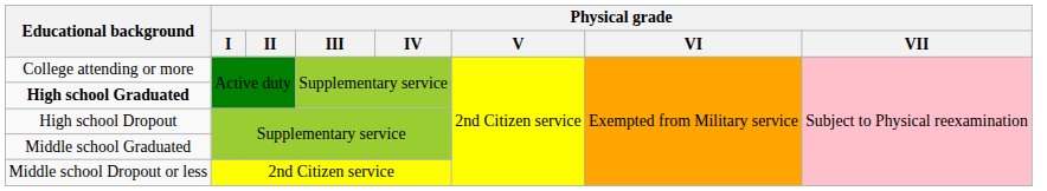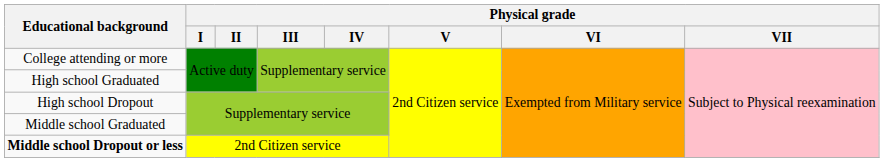 <table class="wikitable">
 <tr>
 <th rowspan="2">Educational background</th>
 <th colspan="7">Physical grade</th>
 </tr>
 <tr>
 <th>I</th>
 <th>II</th>
 <th>III</th>
 <th>IV</th>
 <th>V</th>
 <th>VI</th>
 <th>VII</th>
 </tr>
 <tr>
 <td div style="text-align:center">College attending or more</td>
 <td colspan="2" rowspan="2" div style="background:green; text-align:center;">Active duty</td>
 <td colspan="2" rowspan="2" div style="background:yellowgreen; text-align:center;">Supplementary service</td>
 <td style="text-align:center; background:yellow;" rowspan="5" div>2nd Citizen service</td>
 <td rowspan="5" div style="background:orange; text-align:center;">Exempted from Military service</td>
 <td rowspan="5" div style="background:pink; text-align:center;">Subject to Physical reexamination</td>
 </tr>
 <tr>
-<td div style="text-align:center"><strong>High school Graduated</strong></td>
+<td div style="text-align:center">High school Graduated</td>
 </tr>
 <tr>
 <td div style="text-align:center">High school Dropout</td>
 <td colspan="4" rowspan="2" div style="background:yellowgreen; text-align:center;">Supplementary service</td>
 </tr>
 <tr>
 <td div style="text-align:center">Middle school Graduated</td>
 </tr>
 <tr>
-<td div style="text-align:center">Middle school Dropout or less</td>
+<td div style="text-align:center"><strong>Middle school Dropout or less</strong></td>
 <td style="text-align:center; background:yellow;" colspan="4" div>2nd Citizen service</td>
 </tr>
 </table>
